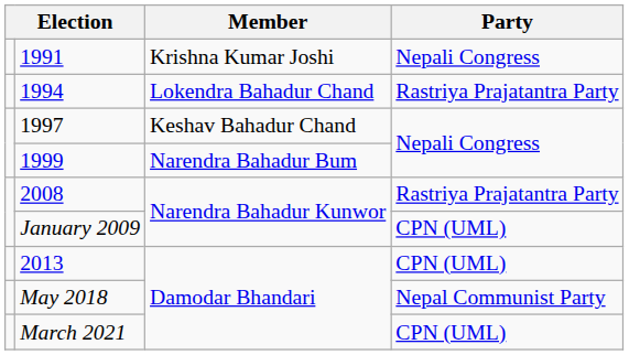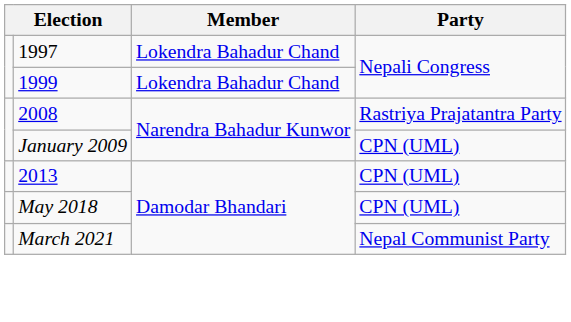 <table class="wikitable">
 <tr>
 <th colspan="2">Election</th>
 <th>Member</th>
 <th>Party</th>
 </tr>
 <tr>
-<td style="color:inherit;background:"></td>
-<td><a href='#'>1991</a></td>
-<td>Krishna Kumar Joshi</td>
-<td><a href='#'>Nepali Congress</a></td>
-</tr>
-<tr>
-<td style="color:inherit;background:"></td>
-<td><a href='#'>1994</a></td>
-<td><a href='#'>Lokendra Bahadur Chand</a></td>
-<td><a href='#'>Rastriya Prajatantra Party</a></td>
-</tr>
-<tr>
 <td rowspan="2" style="color:inherit;background:"></td>
 <td>1997</td>
-<td>Keshav Bahadur Chand</td>
+<td><a href='#'>Lokendra Bahadur Chand</a></td>
 <td rowspan="2"><a href='#'>Nepali Congress</a></td>
 </tr>
 <tr>
 <td><a href='#'>1999</a></td>
-<td><a href='#'>Narendra Bahadur Bum</a></td>
+<td><a href='#'>Lokendra Bahadur Chand</a></td>
 </tr>
 <tr>
 <td rowspan="2" style="color:inherit;background:"></td>
 <td><a href='#'>2008</a></td>
 <td rowspan="2"><a href='#'>Narendra Bahadur Kunwor</a></td>
 <td><a href='#'>Rastriya Prajatantra Party</a></td>
 </tr>
 <tr>
 <td><em>January 2009</em></td>
 <td><a href='#'>CPN (UML)</a></td>
 </tr>
 <tr>
 <td style="color:inherit;background:"></td>
 <td><a href='#'>2013</a></td>
 <td rowspan="3"><a href='#'>Damodar Bhandari</a></td>
 <td><a href='#'>CPN (UML)</a></td>
 </tr>
 <tr>
 <td style="color:inherit;background:"></td>
 <td><em>May 2018</em></td>
-<td><a href='#'>Nepal Communist Party</a></td>
+<td><a href='#'>CPN (UML)</a></td>
 </tr>
 <tr>
 <td style="color:inherit;background:"></td>
 <td><em>March 2021</em></td>
-<td><a href='#'>CPN (UML)</a></td>
+<td><a href='#'>Nepal Communist Party</a></td>
 </tr>
 </table>
